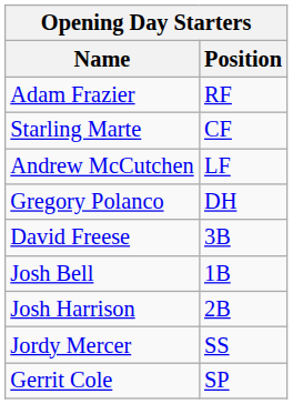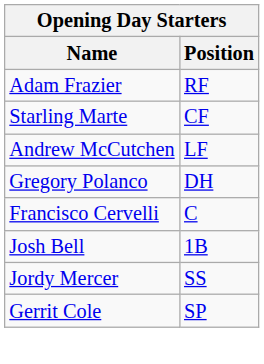 <table class="wikitable" style="text-align:left">
 <tr>
 <th colspan="2">Opening Day Starters</th>
 </tr>
 <tr>
 <th>Name</th>
 <th>Position</th>
 </tr>
 <tr>
 <td><a href='#'>Adam Frazier</a></td>
 <td><a href='#'>RF</a></td>
 </tr>
 <tr>
 <td><a href='#'>Starling Marte</a></td>
 <td><a href='#'>CF</a></td>
 </tr>
 <tr>
 <td><a href='#'>Andrew McCutchen</a></td>
 <td><a href='#'>LF</a></td>
 </tr>
 <tr>
 <td><a href='#'>Gregory Polanco</a></td>
 <td><a href='#'>DH</a></td>
 </tr>
 <tr>
-<td><a href='#'>David Freese</a></td>
-<td><a href='#'>3B</a></td>
+<td><a href='#'>Francisco Cervelli</a></td>
+<td><a href='#'>C</a></td>
 </tr>
 <tr>
 <td><a href='#'>Josh Bell</a></td>
 <td><a href='#'>1B</a></td>
-</tr>
-<tr>
-<td><a href='#'>Josh Harrison</a></td>
-<td><a href='#'>2B</a></td>
 </tr>
 <tr>
 <td><a href='#'>Jordy Mercer</a></td>
 <td><a href='#'>SS</a></td>
 </tr>
 <tr>
 <td><a href='#'>Gerrit Cole</a></td>
 <td><a href='#'>SP</a></td>
 </tr>
 </table>
